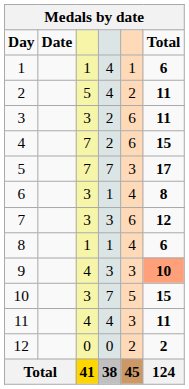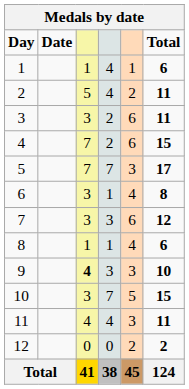 <table class="wikitable" style="font-size:95%">
 <tr style="background:#efefef;">
 <th colspan=6>Medals by date</th>
 </tr>
 <tr style="text-align:center;">
 <td><strong>Day</strong></td>
 <td><strong>Date</strong></td>
 <td style="background:#F7F6A8;"></td>
 <td style="background:#DCE5E5;"></td>
 <td style="background:#FFDAB9;"></td>
 <td><strong>Total</strong></td>
 </tr>
 <tr style="text-align:center;">
 <td>1</td>
 <td></td>
 <td style="background:#F7F6A8;">1</td>
 <td style="background:#DCE5E5;">4</td>
 <td style="background:#FFDAB9;">1</td>
 <td><strong>6</strong></td>
 </tr>
 <tr style="text-align:center;">
 <td>2</td>
 <td></td>
 <td style="background:#F7F6A8;">5</td>
 <td style="background:#DCE5E5;">4</td>
 <td style="background:#FFDAB9;">2</td>
 <td><strong>11</strong></td>
 </tr>
 <tr style="text-align:center;">
 <td>3</td>
 <td></td>
 <td style="background:#F7F6A8;">3</td>
 <td style="background:#DCE5E5;">2</td>
 <td style="background:#FFDAB9;">6</td>
 <td><strong>11</strong></td>
 </tr>
 <tr style="text-align:center;">
 <td>4</td>
 <td></td>
 <td style="background:#F7F6A8;">7</td>
 <td style="background:#DCE5E5;">2</td>
 <td style="background:#FFDAB9;">6</td>
 <td><strong>15</strong></td>
 </tr>
 <tr style="text-align:center;">
 <td>5</td>
 <td></td>
 <td style="background:#F7F6A8;">7</td>
 <td style="background:#DCE5E5;">7</td>
 <td style="background:#FFDAB9;">3</td>
 <td><strong>17</strong></td>
 </tr>
 <tr style="text-align:center;">
 <td>6</td>
 <td></td>
 <td style="background:#F7F6A8;">3</td>
 <td style="background:#DCE5E5;">1</td>
 <td style="background:#FFDAB9;">4</td>
 <td><strong>8</strong></td>
 </tr>
 <tr style="text-align:center;">
 <td>7</td>
 <td></td>
 <td style="background:#F7F6A8;">3</td>
 <td style="background:#DCE5E5;">3</td>
 <td style="background:#FFDAB9;">6</td>
 <td><strong>12</strong></td>
 </tr>
 <tr style="text-align:center;">
 <td>8</td>
 <td></td>
 <td style="background:#F7F6A8;">1</td>
 <td style="background:#DCE5E5;">1</td>
 <td style="background:#FFDAB9;">4</td>
 <td><strong>6</strong></td>
 </tr>
 <tr style="text-align:center;">
 <td>9</td>
 <td></td>
-<td style="background:#F7F6A8;">4</td>
+<td style="background:#F7F6A8;"><strong>4</strong></td>
 <td style="background:#DCE5E5;">3</td>
 <td style="background:#FFDAB9;">3</td>
-<td style="background: lightsalmon;"><strong>10</strong></td>
+<td><strong>10</strong></td>
 </tr>
 <tr style="text-align:center;">
 <td>10</td>
 <td></td>
 <td style="background:#F7F6A8;">3</td>
 <td style="background:#DCE5E5;">7</td>
 <td style="background:#FFDAB9;">5</td>
 <td><strong>15</strong></td>
 </tr>
 <tr style="text-align:center;">
 <td>11</td>
 <td></td>
 <td style="background:#F7F6A8;">4</td>
 <td style="background:#DCE5E5;">4</td>
 <td style="background:#FFDAB9;">3</td>
 <td><strong>11</strong></td>
 </tr>
 <tr style="text-align:center;">
 <td>12</td>
 <td></td>
 <td style="background:#F7F6A8;">0</td>
 <td style="background:#DCE5E5;">0</td>
 <td style="background:#FFDAB9;">2</td>
 <td><strong>2</strong></td>
 </tr>
 <tr>
 <th colspan="2">Total</th>
 <th style="background:gold;">41</th>
 <th style="background:silver;">38</th>
 <th style="background:#c96;">45</th>
 <th>124</th>
 </tr>
 </table>
